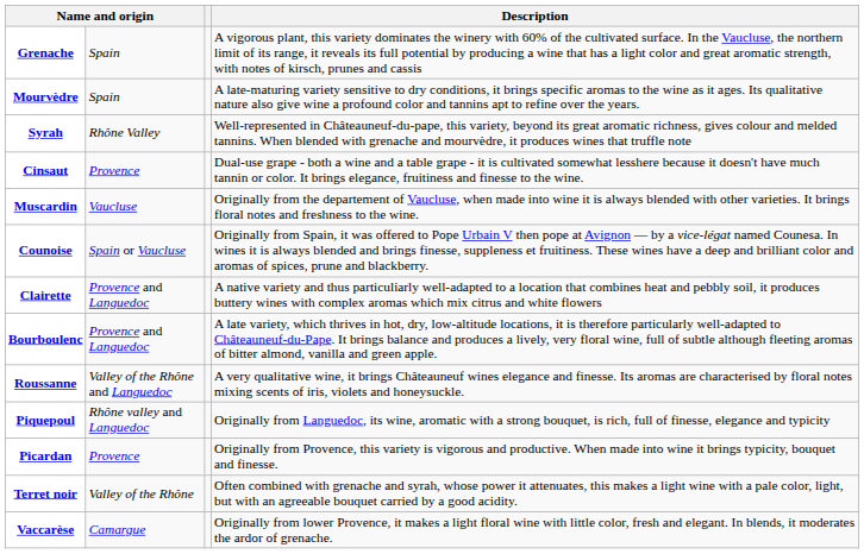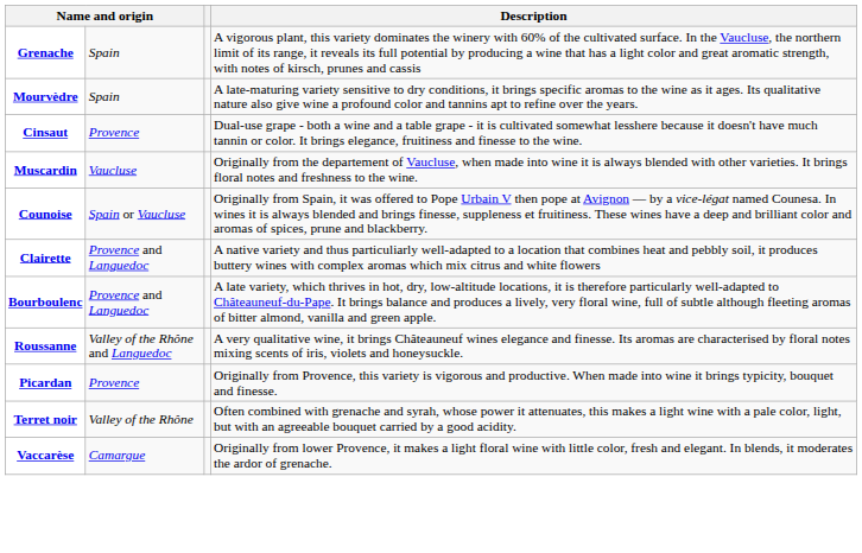 <table class="wikitable" style="width: 80%; margin-bottom: 10px;">
 <tr>
 <th colspan="2">Name and origin</th>
 <th></th>
 <th>Description</th>
 </tr>
 <tr>
 <th style="background-color: rgb(255, 255, 255);"><a href='#'>Grenache</a></th>
 <td style="align: center;"><em>Spain</em><br></td>
 <td></td>
 <td style="align: left;">A vigorous plant, this variety dominates the winery with 60% of the cultivated surface. In the <a href='#'>Vaucluse</a>, the northern limit of its range, it reveals its full potential by producing a wine that has a light color and great aromatic strength, with notes of kirsch, prunes and cassis</td>
 </tr>
 <tr>
 <th style="background-color: rgb(255, 255, 255);"><a href='#'>Mourvèdre</a></th>
 <td><em>Spain</em><br></td>
 <td></td>
 <td>A late-maturing variety sensitive to dry conditions, it brings specific aromas to the wine as it ages. Its qualitative nature also give wine a profound color and tannins apt to refine over the years.</td>
-</tr>
-<tr>
-<th style="background-color: rgb(255, 255, 255);"><a href='#'>Syrah</a></th>
-<td><em>Rhône Valley</em></td>
-<td></td>
-<td>Well-represented in Châteauneuf-du-pape, this variety, beyond its great aromatic richness, gives colour and melded tannins. When blended with grenache and mourvèdre, it produces wines that truffle note</td>
 </tr>
 <tr>
 <th style="background-color: rgb(255, 255, 255);"><a href='#'>Cinsaut</a></th>
 <td><em><a href='#'>Provence</a></em></td>
 <td></td>
 <td>Dual-use grape - both a wine and a table grape - it is cultivated  somewhat lesshere because it doesn't have much tannin or color. It brings elegance, fruitiness and finesse to the wine.</td>
 </tr>
 <tr>
 <th style="background-color: rgb(255, 255, 255);"><a href='#'>Muscardin</a></th>
 <td><em><a href='#'>Vaucluse</a></em></td>
 <td></td>
 <td>Originally from the departement of <a href='#'>Vaucluse</a>, when made into wine it is always blended with other varieties. It brings floral notes and freshness to the wine.</td>
 </tr>
 <tr>
 <th style="background-color: rgb(255, 255, 255);"><a href='#'>Counoise</a></th>
 <td><em><a href='#'>Spain</a></em> or <em><a href='#'>Vaucluse</a></em></td>
 <td></td>
 <td>Originally from Spain, it was offered to Pope <a href='#'>Urbain V</a> then pope at <a href='#'>Avignon</a> — by a <em>vice-légat</em> named Counesa. In wines it is always blended and brings finesse, suppleness et fruitiness. These wines have a deep and brilliant color and aromas of spices, prune and blackberry.</td>
 </tr>
 <tr>
 <th style="background-color: rgb(255, 255, 255);"><a href='#'>Clairette</a></th>
 <td><em><a href='#'>Provence</a></em> and <em><a href='#'>Languedoc</a></em></td>
 <td></td>
 <td>A native variety and thus particuliarly well-adapted to a location that combines heat and pebbly soil, it produces buttery wines with complex aromas which mix citrus and white flowers</td>
 </tr>
 <tr>
 <th style="background-color: rgb(255, 255, 255);"><a href='#'>Bourboulenc</a></th>
 <td><em><a href='#'>Provence</a></em> and <em><a href='#'>Languedoc</a></em></td>
 <td></td>
 <td>A late variety, which thrives in hot, dry, low-altitude locations, it is therefore particularly well-adapted to <a href='#'>Châteauneuf-du-Pape</a>. It brings balance and produces a lively, very floral  wine, full of subtle although fleeting aromas of bitter almond, vanilla and green apple.</td>
 </tr>
 <tr>
 <th style="background-color: rgb(255, 255, 255);"><a href='#'>Roussanne</a></th>
 <td><em>Valley of the Rhône</em> and <em><a href='#'>Languedoc</a></em></td>
 <td></td>
 <td>A very qualitative wine, it brings Châteauneuf wines elegance and finesse. Its aromas are characterised by floral notes mixing scents of iris, violets and honeysuckle.</td>
 </tr>
 <tr>
-<th style="background-color: rgb(255, 255, 255);"><a href='#'>Piquepoul</a></th>
-<td><em>Rhône valley</em> and <em><a href='#'>Languedoc</a></em></td>
-<td></td>
-<td>Originally from <a href='#'>Languedoc</a>, its wine, aromatic with a strong bouquet, is rich, full of finesse, elegance and typicity</td>
-</tr>
-<tr>
 <th style="background-color: rgb(255, 255, 255);"><a href='#'>Picardan</a></th>
 <td><em><a href='#'>Provence</a></em></td>
 <td></td>
 <td>Originally from Provence, this variety is vigorous and productive. When made into wine it brings typicity, bouquet and finesse.</td>
 </tr>
 <tr>
 <th style="background-color: rgb(255, 255, 255);"><a href='#'>Terret noir</a></th>
 <td><em>Valley of the Rhône</em></td>
 <td></td>
 <td>Often combined with grenache and syrah, whose power it attenuates, this makes a light wine with a pale color, light, but with an agreeable bouquet carried by a good acidity.<br></td>
 </tr>
 <tr>
 <th style="background-color: rgb(255, 255, 255);"><a href='#'>Vaccarèse</a></th>
 <td><em><a href='#'>Camargue</a></em></td>
 <td></td>
 <td>Originally from lower Provence, it makes a light floral wine with little color, fresh and elegant. In blends, it moderates the ardor of grenache.</td>
 </tr>
 </table>
